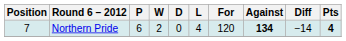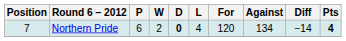 <table class="wikitable" style="text-align:center; font-size:85%;">
 <tr>
 <th width=40 abbr="Position">Position</th>
 <th width=100>Round 6 – 2012</th>
 <th width=20 abbr="Played">P</th>
 <th width=20 abbr="Won">W</th>
 <th width=20 abbr="Drawn">D</th>
 <th width=20 abbr="Lost">L</th>
 <th width=40 abbr="Points for">For</th>
 <th width=40 abbr="Points against">Against</th>
 <th width=40 abbr="Points difference">Diff</th>
 <th width=20 abbr="Points">Pts</th>
 </tr>
 <tr style="background: #d7ebed;">
 <td>7</td>
 <td style="text-align:left;"> <a href='#'>Northern Pride</a></td>
 <td>6</td>
 <td>2</td>
-<td>0</td>
+<td><strong>0</strong></td>
 <td>4</td>
 <td>120</td>
-<td><strong>134</strong></td>
+<td>134</td>
 <td>−14</td>
 <td><strong>4</strong></td>
 </tr>
 <tr>
 </tr>
 </table>
